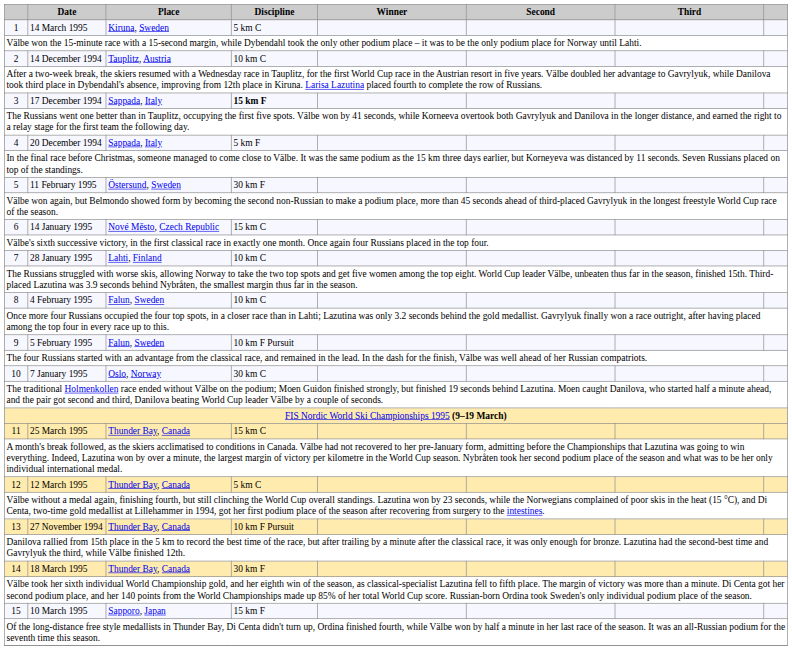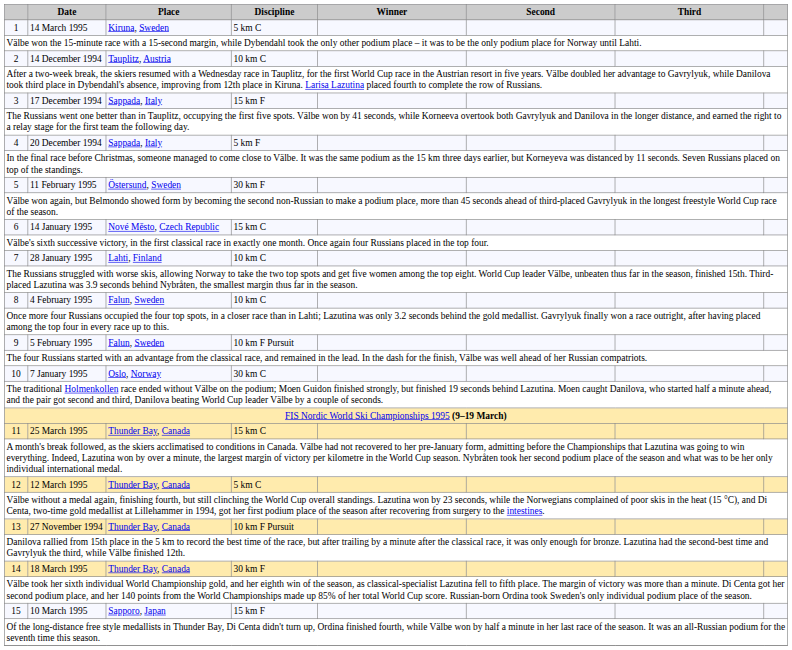 <table bgcolor="#f7f8ff" cellpadding="3" cellspacing="0" border="1" style="font-size: 95%; border: gray solid 1px; border-collapse: collapse;">
 <tr bgcolor="#CCCCCC">
 <td align="center" width="3%"><strong></strong></td>
 <td align="center" width="10%"><strong>Date</strong></td>
 <td align="center" width="16%"><strong>Place</strong></td>
 <td align="center" width="11%"><strong>Discipline</strong></td>
 <td align="center" width="19%"><strong>Winner</strong></td>
 <td align="center" width="19%"><strong>Second</strong></td>
 <td align="center" width="19%"><strong>Third</strong></td>
 <td align="center" width="3%"><strong></strong></td>
 </tr>
 <tr align="left">
 <td align=center>1</td>
 <td>14 March 1995</td>
 <td> <a href='#'>Kiruna</a>, <a href='#'>Sweden</a></td>
 <td>5 km C</td>
 <td></td>
 <td></td>
 <td></td>
 <td></td>
 </tr>
 <tr bgcolor="#FFFFFF">
 <td colspan="8">Välbe won the 15-minute race with a 15-second margin, while Dybendahl took the only other podium place – it was to be the only podium place for Norway until Lahti.</td>
 </tr>
 <tr>
 <td align=center>2</td>
 <td>14 December 1994</td>
 <td> <a href='#'>Tauplitz</a>, <a href='#'>Austria</a></td>
 <td>10 km C</td>
 <td></td>
 <td></td>
 <td></td>
 <td></td>
 </tr>
 <tr bgcolor="#FFFFFF">
 <td colspan="8">After a two-week break, the skiers resumed with a Wednesday race in Tauplitz, for the first World Cup race in the Austrian resort in five years. Välbe doubled her advantage to Gavrylyuk, while Danilova took third place in Dybendahl's absence, improving from 12th place in Kiruna. <a href='#'>Larisa Lazutina</a> placed fourth to complete the row of Russians.</td>
 </tr>
 <tr>
 <td align=center>3</td>
 <td>17 December 1994</td>
 <td> <a href='#'>Sappada</a>, <a href='#'>Italy</a></td>
-<td><strong>15 km F</strong></td>
+<td>15 km F</td>
 <td></td>
 <td></td>
 <td></td>
 <td></td>
 </tr>
 <tr bgcolor="#FFFFFF">
 <td colspan="8">The Russians went one better than in Tauplitz, occupying the first five spots. Välbe won by 41 seconds, while Korneeva overtook both Gavrylyuk and Danilova in the longer distance, and earned the right to a relay stage for the first team the following day.</td>
 </tr>
 <tr>
 <td align=center>4</td>
 <td>20 December 1994</td>
 <td> <a href='#'>Sappada</a>, <a href='#'>Italy</a></td>
 <td>5 km F</td>
 <td><br></td>
 <td></td>
 <td></td>
 <td></td>
 </tr>
 <tr bgcolor="#FFFFFF">
 <td colspan="8">In the final race before Christmas, someone managed to come close to Välbe. It was the same podium as the 15 km three days earlier, but Korneyeva was distanced by 11 seconds. Seven Russians placed on top of the standings.</td>
 </tr>
 <tr>
 <td align=center>5</td>
 <td>11 February 1995</td>
 <td> <a href='#'>Östersund</a>, <a href='#'>Sweden</a></td>
 <td>30 km F</td>
 <td></td>
 <td></td>
 <td></td>
 <td></td>
 </tr>
 <tr bgcolor="#FFFFFF">
 <td colspan="8">Välbe won again, but Belmondo showed form by becoming the second non-Russian to make a podium place, more than 45 seconds ahead of third-placed Gavrylyuk in the longest freestyle World Cup race of the season.</td>
 </tr>
 <tr>
 <td align=center>6</td>
 <td>14 January 1995</td>
 <td> <a href='#'>Nové Město</a>, <a href='#'>Czech Republic</a></td>
 <td>15 km C</td>
 <td></td>
 <td></td>
 <td></td>
 <td></td>
 </tr>
 <tr bgcolor="#FFFFFF">
 <td colspan="8">Välbe's sixth successive victory, in the first classical race in exactly one month. Once again four Russians placed in the top four.</td>
 </tr>
 <tr>
 <td align=center>7</td>
 <td>28 January 1995</td>
 <td> <a href='#'>Lahti</a>, <a href='#'>Finland</a></td>
 <td>10 km C</td>
 <td></td>
 <td></td>
 <td></td>
 <td></td>
 </tr>
 <tr bgcolor="#FFFFFF">
 <td colspan="8">The Russians struggled with worse skis, allowing Norway to take the two top spots and get five women among the top eight. World Cup leader Välbe, unbeaten thus far in the season, finished 15th. Third-placed Lazutina was 3.9 seconds behind Nybråten, the smallest margin thus far in the season.</td>
 </tr>
 <tr>
 <td align=center>8</td>
 <td>4 February 1995</td>
 <td> <a href='#'>Falun</a>, <a href='#'>Sweden</a></td>
 <td>10 km C</td>
 <td></td>
 <td></td>
 <td></td>
 <td></td>
 </tr>
 <tr bgcolor="#FFFFFF">
 <td colspan="8">Once more four Russians occupied the four top spots, in a closer race than in Lahti; Lazutina was only 3.2 seconds behind the gold medallist. Gavrylyuk finally won a race outright, after having placed among the top four in every race up to this.</td>
 </tr>
 <tr>
 <td align=center>9</td>
 <td>5 February 1995</td>
 <td> <a href='#'>Falun</a>, <a href='#'>Sweden</a></td>
 <td>10 km F Pursuit</td>
 <td></td>
 <td></td>
 <td></td>
 <td></td>
 </tr>
 <tr bgcolor="#FFFFFF">
 <td colspan="8">The four Russians started with an advantage from the classical race, and remained in the lead. In the dash for the finish, Välbe was well ahead of her Russian compatriots.</td>
 </tr>
 <tr>
 <td align=center>10</td>
 <td>7 January 1995</td>
 <td> <a href='#'>Oslo</a>, <a href='#'>Norway</a></td>
 <td>30 km C</td>
 <td></td>
 <td></td>
 <td></td>
 <td></td>
 </tr>
 <tr bgcolor="#FFFFFF">
 <td colspan="8">The traditional <a href='#'>Holmenkollen</a> race ended without Välbe on the podium; Moen Guidon finished strongly, but finished 19 seconds behind Lazutina. Moen caught Danilova, who started half a minute ahead, and the pair got second and third, Danilova beating World Cup leader Välbe by a couple of seconds.</td>
 </tr>
 <tr bgcolor="#FFEBAD" align="center" style:"font-size=110%">
 <td colspan="8"><a href='#'>FIS Nordic World Ski Championships 1995</a> <strong>(9–19 March)</strong></td>
 </tr>
 <tr bgcolor="#FFEBAD">
 <td align=center>11</td>
 <td>25 March 1995</td>
 <td> <a href='#'>Thunder Bay</a>, <a href='#'>Canada</a></td>
 <td>15 km C</td>
 <td></td>
 <td></td>
 <td></td>
 <td></td>
 </tr>
 <tr bgcolor="#FFFFFF">
 <td colspan="8">A month's break followed, as the skiers acclimatised to conditions in Canada. Välbe had not recovered to her pre-January form, admitting before the Championships that Lazutina was going to win everything. Indeed, Lazutina won by over a minute, the largest margin of victory per kilometre in the World Cup season. Nybråten took her second podium place of the season and what was to be her only individual international medal.</td>
 </tr>
 <tr bgcolor="#FFEBAD">
 <td align=center>12</td>
 <td>12 March 1995</td>
 <td> <a href='#'>Thunder Bay</a>, <a href='#'>Canada</a></td>
 <td>5 km C</td>
 <td></td>
 <td></td>
 <td></td>
 <td></td>
 </tr>
 <tr bgcolor="#FFFFFF">
 <td colspan="8">Välbe without a medal again, finishing fourth, but still clinching the World Cup overall standings. Lazutina won by 23 seconds, while the Norwegians complained of poor skis in the heat (15 °C), and Di Centa, two-time gold medallist at Lillehammer in 1994, got her first podium place of the season after recovering from surgery to the <a href='#'>intestines</a>.</td>
 </tr>
 <tr bgcolor="#FFEBAD">
 <td align=center>13</td>
 <td>27 November 1994</td>
 <td> <a href='#'>Thunder Bay</a>, <a href='#'>Canada</a></td>
 <td>10 km F Pursuit</td>
 <td></td>
 <td></td>
 <td></td>
 <td></td>
 </tr>
 <tr bgcolor="#FFFFFF">
 <td colspan="8">Danilova rallied from 15th place in the 5 km to record the best time of the race, but after trailing by a minute after the classical race, it was only enough for bronze. Lazutina had the second-best time and Gavrylyuk the third, while Välbe finished 12th.</td>
 </tr>
 <tr bgcolor="#FFEBAD">
 <td align=center>14</td>
 <td>18 March 1995</td>
 <td> <a href='#'>Thunder Bay</a>, <a href='#'>Canada</a></td>
 <td>30 km F</td>
 <td></td>
 <td></td>
 <td></td>
 <td></td>
 </tr>
 <tr bgcolor="#FFFFFF">
 <td colspan="8">Välbe took her sixth individual World Championship gold, and her eighth win of the season, as classical-specialist Lazutina fell to fifth place. The margin of victory was more than a minute. Di Centa got her second podium place, and her 140 points  from the World Championships made up 85% of her total World Cup score. Russian-born Ordina took Sweden's only individual podium place of the season.</td>
 </tr>
 <tr valign="top">
 <td align=center>15</td>
 <td>10 March 1995</td>
 <td> <a href='#'>Sapporo</a>, <a href='#'>Japan</a></td>
 <td>15 km F</td>
 <td></td>
 <td></td>
 <td></td>
 <td></td>
 </tr>
 <tr bgcolor="#FFFFFF">
 <td colspan="8">Of the long-distance free style medallists in Thunder Bay, Di Centa didn't turn up, Ordina finished fourth, while Välbe won by half a minute in her last race of the season. It was an all-Russian podium for the seventh time this season.</td>
 </tr>
 <tr>
 </tr>
 </table>
